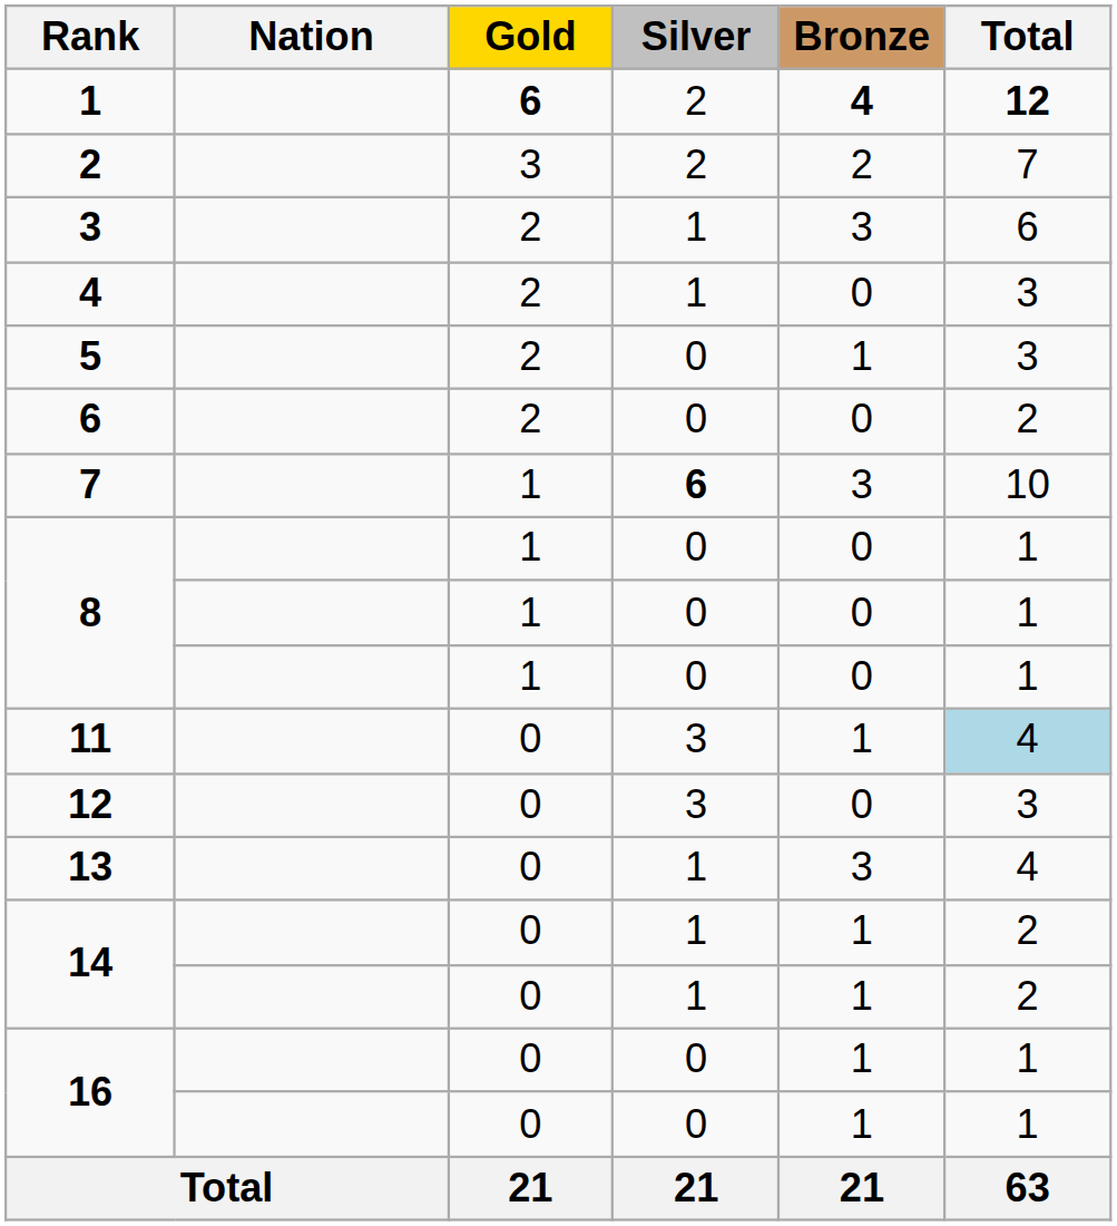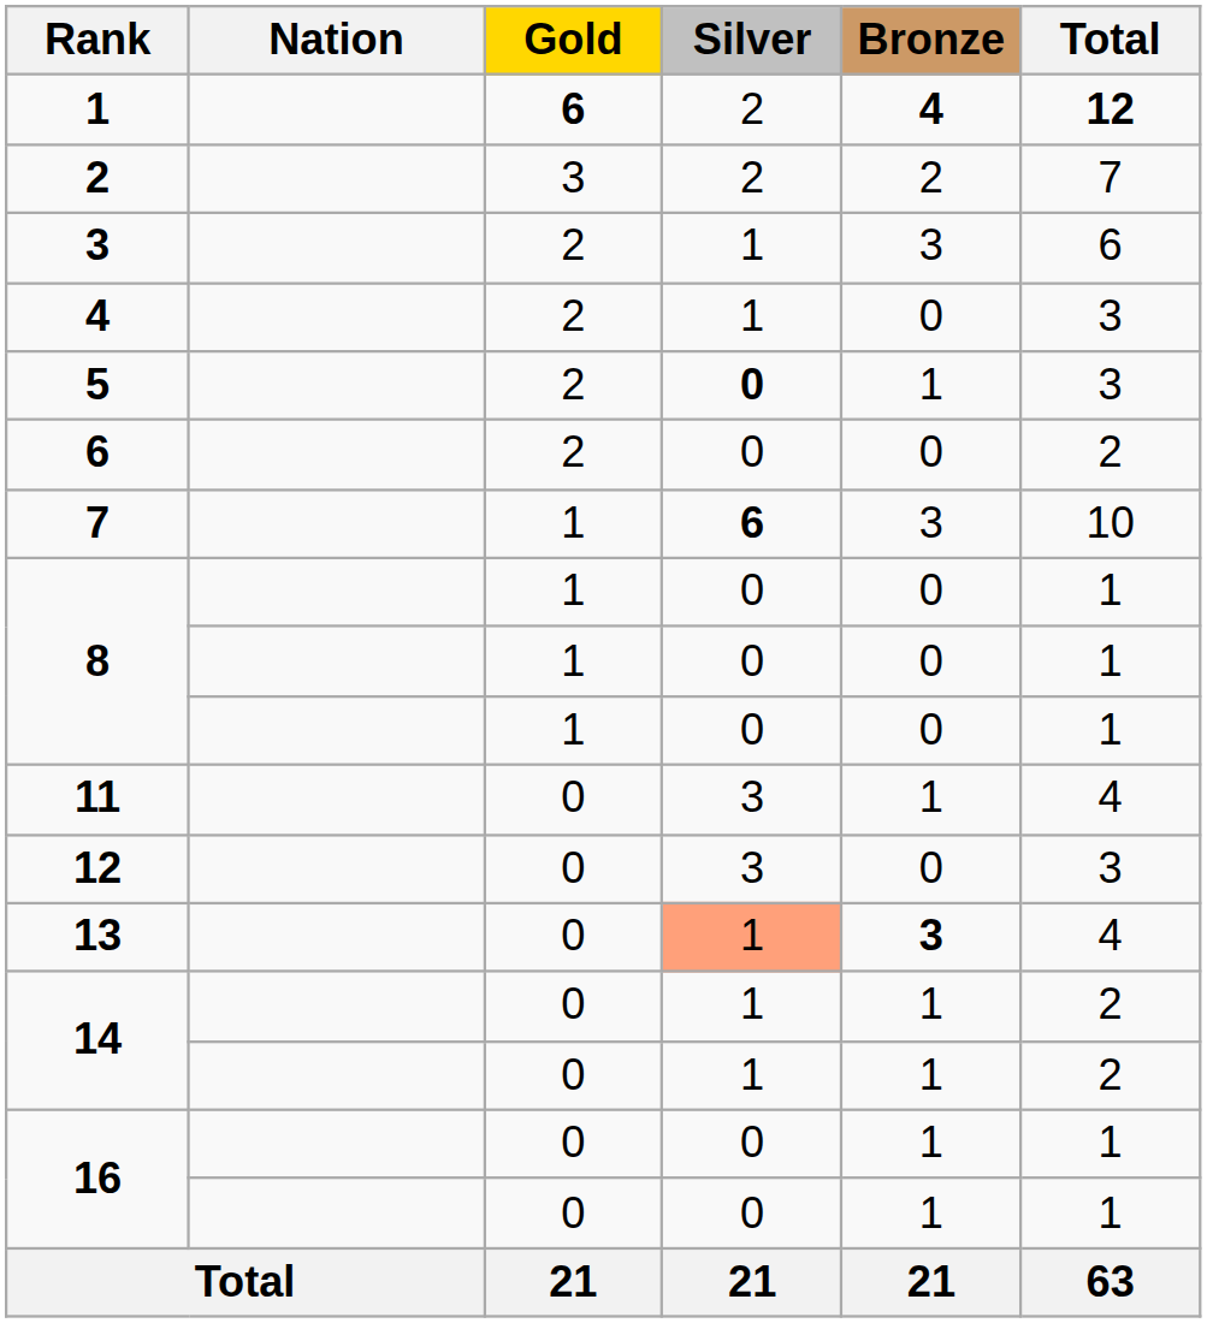 <table class="wikitable collapsible autocollapse plainrowheaders" width=70.5% style="text-align:center;">
 <tr style="background-color:#EDEDED;">
 <th width=100px class="hintergrundfarbe5">Rank</th>
 <th width=200px class="hintergrundfarbe6">Nation</th>
 <th style="background:    gold; width:15%">Gold</th>
 <th style="background:  silver; width:15%">Silver</th>
 <th style="background: #CC9966; width:15%">Bronze</th>
 <th class="hintergrundfarbe6" style="width:15%">Total</th>
 </tr>
 <tr>
 <td><strong>1</strong></td>
 <td align=left></td>
 <td><strong>6</strong></td>
 <td>2</td>
 <td><strong>4</strong></td>
 <td><strong>12</strong></td>
 </tr>
 <tr>
 <td><strong>2</strong></td>
 <td align=left></td>
 <td>3</td>
 <td>2</td>
 <td>2</td>
 <td>7</td>
 </tr>
 <tr>
 <td><strong>3</strong></td>
 <td align=left></td>
 <td>2</td>
 <td>1</td>
 <td>3</td>
 <td>6</td>
 </tr>
 <tr>
 <td><strong>4</strong></td>
 <td align=left><em></em></td>
 <td>2</td>
 <td>1</td>
 <td>0</td>
 <td>3</td>
 </tr>
 <tr>
 <td><strong>5</strong></td>
 <td align=left></td>
 <td>2</td>
-<td>0</td>
+<td><strong>0</strong></td>
 <td>1</td>
 <td>3</td>
 </tr>
 <tr>
 <td><strong>6</strong></td>
 <td align=left></td>
 <td>2</td>
 <td>0</td>
 <td>0</td>
 <td>2</td>
 </tr>
 <tr>
 <td><strong>7</strong></td>
 <td align=left></td>
 <td>1</td>
 <td><strong>6</strong></td>
 <td>3</td>
 <td>10</td>
 </tr>
 <tr>
 <td rowspan=3><strong>8</strong></td>
 <td align=left></td>
 <td>1</td>
 <td>0</td>
 <td>0</td>
 <td>1</td>
 </tr>
 <tr>
 <td align=left></td>
 <td>1</td>
 <td>0</td>
 <td>0</td>
 <td>1</td>
 </tr>
 <tr>
 <td align=left><em></em></td>
 <td>1</td>
 <td>0</td>
 <td>0</td>
 <td>1</td>
 </tr>
 <tr>
 <td><strong>11</strong></td>
 <td align=left></td>
 <td>0</td>
 <td>3</td>
 <td>1</td>
-<td style="background: lightblue;">4</td>
+<td>4</td>
 </tr>
 <tr>
 <td><strong>12</strong></td>
 <td align=left></td>
 <td>0</td>
 <td>3</td>
 <td>0</td>
 <td>3</td>
 </tr>
 <tr>
 <td><strong>13</strong></td>
 <td align=left></td>
 <td>0</td>
-<td>1</td>
-<td>3</td>
+<td style="background: lightsalmon;">1</td>
+<td><strong>3</strong></td>
 <td>4</td>
 </tr>
 <tr>
 <td rowspan=2><strong>14</strong></td>
 <td align=left></td>
 <td>0</td>
 <td>1</td>
 <td>1</td>
 <td>2</td>
 </tr>
 <tr>
 <td align=left><em></em></td>
 <td>0</td>
 <td>1</td>
 <td>1</td>
 <td>2</td>
 </tr>
 <tr>
 <td rowspan=2><strong>16</strong></td>
 <td align=left></td>
 <td>0</td>
 <td>0</td>
 <td>1</td>
 <td>1</td>
 </tr>
 <tr>
 <td align=left></td>
 <td>0</td>
 <td>0</td>
 <td>1</td>
 <td>1</td>
 </tr>
 <tr>
 <th colspan=2>Total</th>
 <th>21</th>
 <th>21</th>
 <th>21</th>
 <th>63</th>
 </tr>
 </table>
